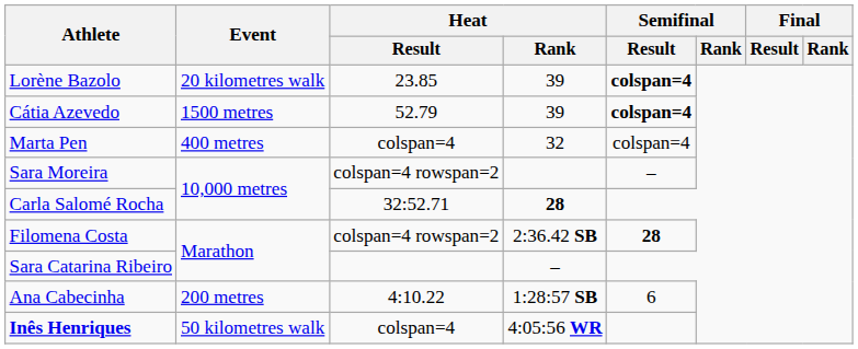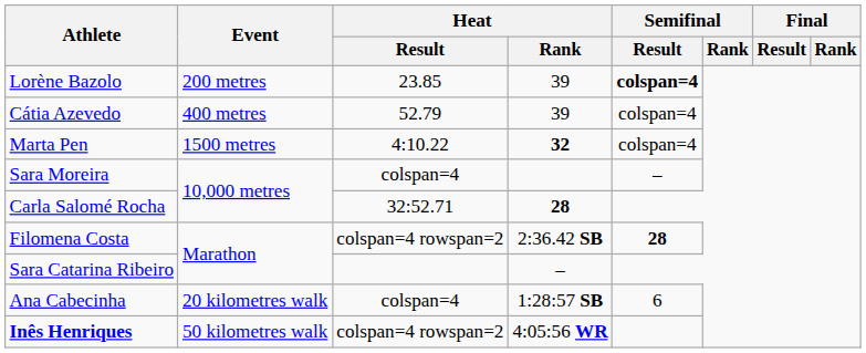 <table class="wikitable" style="font-size:90%">
 <tr>
 <th rowspan="2">Athlete</th>
 <th rowspan="2">Event</th>
 <th colspan="2">Heat</th>
 <th colspan="2">Semifinal</th>
 <th colspan="2">Final</th>
 </tr>
 <tr style="font-size:95%">
 <th>Result</th>
 <th>Rank</th>
 <th>Result</th>
 <th>Rank</th>
 <th>Result</th>
 <th>Rank</th>
 </tr>
 <tr style=text-align:center>
 <td style=text-align:left><a href='#'>Lorène Bazolo</a></td>
-<td style=text-align:left><a href='#'>20 kilometres walk</a></td>
+<td style=text-align:left><a href='#'>200 metres</a></td>
 <td>23.85</td>
 <td>39</td>
 <td><strong>colspan=4 </strong></td>
 </tr>
 <tr style=text-align:center>
 <td style=text-align:left><a href='#'>Cátia Azevedo</a></td>
-<td style=text-align:left><a href='#'>1500 metres</a></td>
+<td style=text-align:left><a href='#'>400 metres</a></td>
 <td>52.79</td>
 <td>39</td>
-<td><strong>colspan=4 </strong></td>
+<td>colspan=4 </td>
 </tr>
 <tr style=text-align:center>
 <td style=text-align:left><a href='#'>Marta Pen</a></td>
-<td style=text-align:left><a href='#'>400 metres</a></td>
-<td>colspan=4 </td>
-<td>32</td>
+<td style=text-align:left><a href='#'>1500 metres</a></td>
+<td>4:10.22</td>
+<td><strong>32</strong></td>
 <td>colspan=4 </td>
 </tr>
 <tr style=text-align:center>
 <td style=text-align:left><a href='#'>Sara Moreira</a></td>
 <td style=text-align:left  rowspan=2><a href='#'>10,000 metres</a></td>
-<td>colspan=4 rowspan=2 </td>
+<td>colspan=4 </td>
 <td></td>
 <td>–</td>
 </tr>
 <tr style=text-align:center>
 <td style=text-align:left><a href='#'>Carla Salomé Rocha</a></td>
 <td>32:52.71</td>
 <td><strong>28</strong></td>
 </tr>
 <tr style=text-align:center>
 <td style=text-align:left><a href='#'>Filomena Costa</a></td>
 <td style=text-align:left  rowspan=2><a href='#'>Marathon</a></td>
 <td>colspan=4 rowspan=2 </td>
 <td>2:36.42 <strong>SB</strong></td>
 <td><strong>28</strong></td>
 </tr>
 <tr style=text-align:center>
 <td style=text-align:left><a href='#'>Sara Catarina Ribeiro</a></td>
 <td></td>
 <td>–</td>
 </tr>
 <tr style=text-align:center>
 <td style=text-align:left><a href='#'>Ana Cabecinha</a></td>
-<td style=text-align:left><a href='#'>200 metres</a></td>
-<td>4:10.22</td>
+<td style=text-align:left><a href='#'>20 kilometres walk</a></td>
+<td>colspan=4 </td>
 <td>1:28:57 <strong>SB</strong></td>
 <td>6</td>
 </tr>
 <tr style=text-align:center>
 <td style=text-align:left><strong><a href='#'>Inês Henriques</a></strong></td>
 <td style=text-align:left><a href='#'>50 kilometres walk</a></td>
-<td>colspan=4 </td>
+<td>colspan=4 rowspan=2 </td>
 <td>4:05:56 <strong><a href='#'>WR</a></strong></td>
 <td></td>
 </tr>
 </table>
